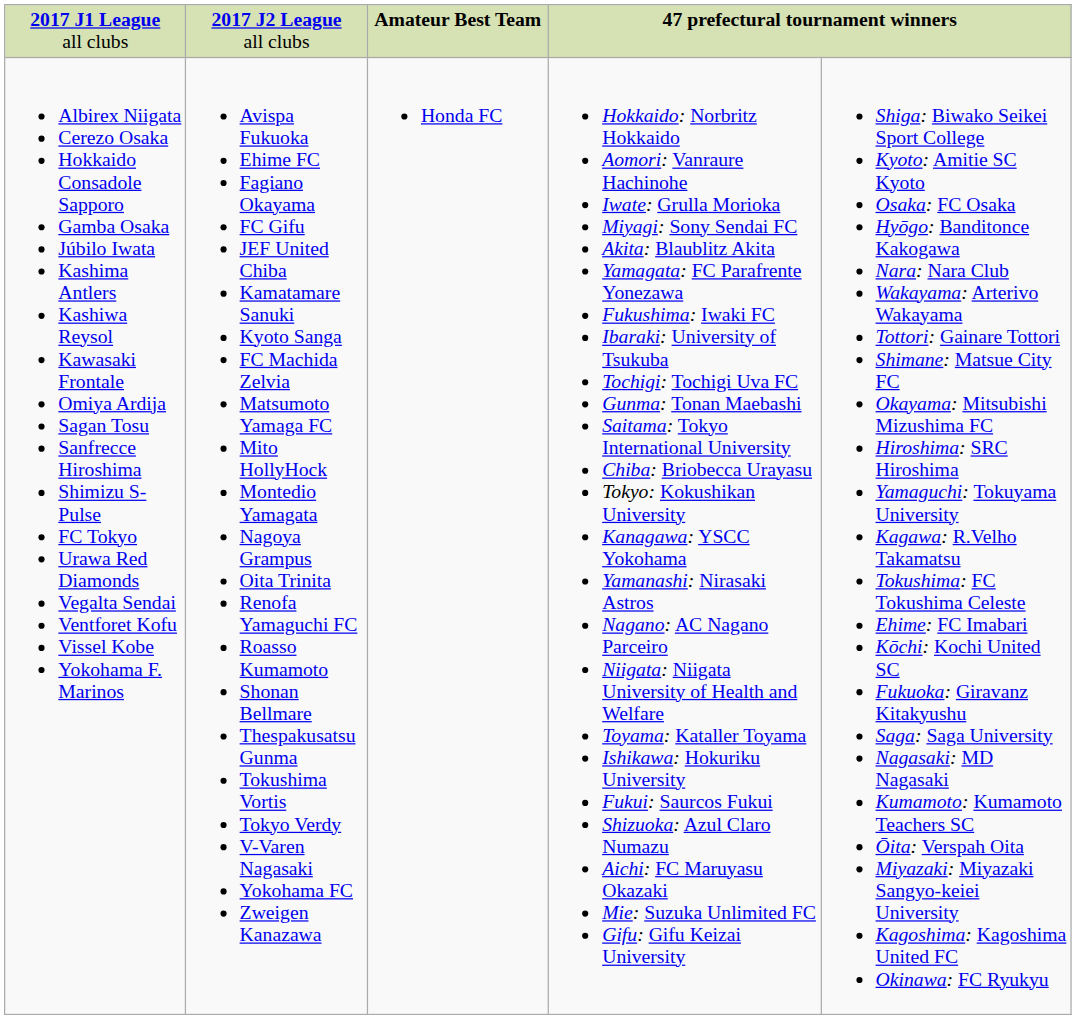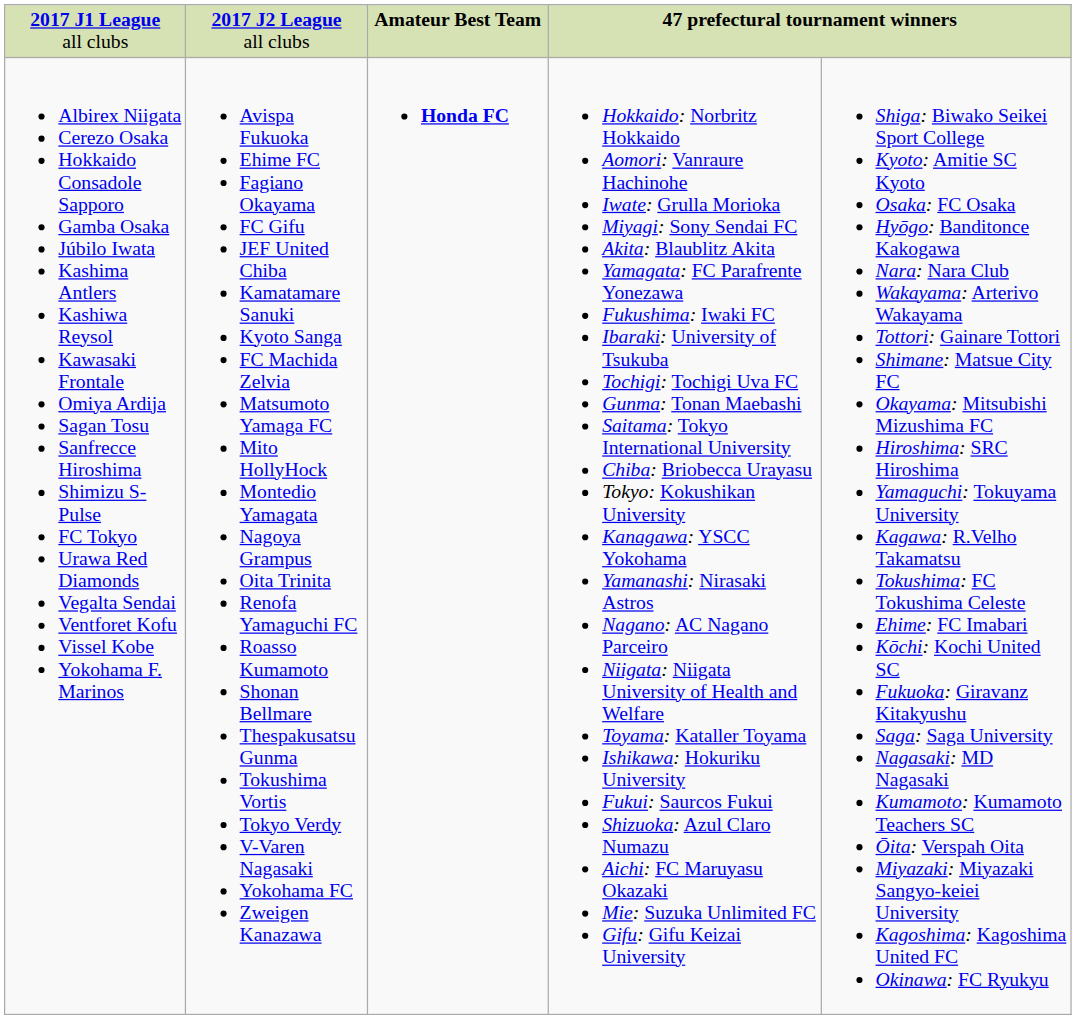 <table class="wikitable">
 <tr style="vertical-align:top; background:#d6e2b3; text-align:center;">
 <td style="width:17%;"><strong><a href='#'>2017 J1 League</a></strong><br>all clubs</td>
 <td style="width:17%;"><strong><a href='#'>2017 J2 League</a></strong><br>all clubs</td>
 <td style="width:17%;"><strong>Amateur Best Team</strong></td>
 <td colspan="2" style="width:49%;"><strong>47 prefectural tournament winners</strong><br></td>
 </tr>
 <tr valign="top">
 <td><br><ul><li><a href='#'>Albirex Niigata</a></li><li><a href='#'>Cerezo Osaka</a></li><li><a href='#'>Hokkaido Consadole Sapporo</a></li><li><a href='#'>Gamba Osaka</a></li><li><a href='#'>Júbilo Iwata</a></li><li><a href='#'>Kashima Antlers</a></li><li><a href='#'>Kashiwa Reysol</a></li><li><a href='#'>Kawasaki Frontale</a></li><li><a href='#'>Omiya Ardija</a></li><li><a href='#'>Sagan Tosu</a></li><li><a href='#'>Sanfrecce Hiroshima</a></li><li><a href='#'>Shimizu S-Pulse</a></li><li><a href='#'>FC Tokyo</a></li><li><a href='#'>Urawa Red Diamonds</a></li><li><a href='#'>Vegalta Sendai</a></li><li><a href='#'>Ventforet Kofu</a></li><li><a href='#'>Vissel Kobe</a></li><li><a href='#'>Yokohama F. Marinos</a></li></ul></td>
 <td><br><ul><li><a href='#'>Avispa Fukuoka</a></li><li><a href='#'>Ehime FC</a></li><li><a href='#'>Fagiano Okayama</a></li><li><a href='#'>FC Gifu</a></li><li><a href='#'>JEF United Chiba</a></li><li><a href='#'>Kamatamare Sanuki</a></li><li><a href='#'>Kyoto Sanga</a></li><li><a href='#'>FC Machida Zelvia</a></li><li><a href='#'>Matsumoto Yamaga FC</a></li><li><a href='#'>Mito HollyHock</a></li><li><a href='#'>Montedio Yamagata</a></li><li><a href='#'>Nagoya Grampus</a></li><li><a href='#'>Oita Trinita</a></li><li><a href='#'>Renofa Yamaguchi FC</a></li><li><a href='#'>Roasso Kumamoto</a></li><li><a href='#'>Shonan Bellmare</a></li><li><a href='#'>Thespakusatsu Gunma</a></li><li><a href='#'>Tokushima Vortis</a></li><li><a href='#'>Tokyo Verdy</a></li><li><a href='#'>V-Varen Nagasaki</a></li><li><a href='#'>Yokohama FC</a></li><li><a href='#'>Zweigen Kanazawa</a></li></ul></td>
-<td><br><ul><li><a href='#'>Honda FC</a></li></ul></td>
+<td><strong><br><ul><li><a href='#'>Honda FC</a></li></ul></strong></td>
 <td><br><ul><li><em><a href='#'>Hokkaido</a>:</em> <a href='#'>Norbritz Hokkaido</a></li><li><em><a href='#'>Aomori</a>:</em> <a href='#'>Vanraure Hachinohe</a></li><li><em><a href='#'>Iwate</a>:</em> <a href='#'>Grulla Morioka</a></li><li><em><a href='#'>Miyagi</a>:</em> <a href='#'>Sony Sendai FC</a></li><li><em><a href='#'>Akita</a>:</em> <a href='#'>Blaublitz Akita</a></li><li><em><a href='#'>Yamagata</a>:</em> <a href='#'>FC Parafrente Yonezawa</a></li><li><em><a href='#'>Fukushima</a>:</em> <a href='#'>Iwaki FC</a></li><li><em><a href='#'>Ibaraki</a>:</em> <a href='#'>University of Tsukuba</a></li><li><em><a href='#'>Tochigi</a>:</em> <a href='#'>Tochigi Uva FC</a></li><li><em><a href='#'>Gunma</a>:</em> <a href='#'>Tonan Maebashi</a></li><li><em><a href='#'>Saitama</a>:</em> <a href='#'>Tokyo International University</a></li><li><em><a href='#'>Chiba</a>:</em> <a href='#'>Briobecca Urayasu</a></li><li><em>Tokyo:</em> <a href='#'>Kokushikan University</a></li><li><em><a href='#'>Kanagawa</a>:</em> <a href='#'>YSCC Yokohama</a></li><li><em><a href='#'>Yamanashi</a>:</em> <a href='#'>Nirasaki Astros</a></li><li><em><a href='#'>Nagano</a>:</em> <a href='#'>AC Nagano Parceiro</a></li><li><em><a href='#'>Niigata</a>:</em> <a href='#'>Niigata University of Health and Welfare</a></li><li><em><a href='#'>Toyama</a>:</em> <a href='#'>Kataller Toyama</a></li><li><em><a href='#'>Ishikawa</a>:</em> <a href='#'>Hokuriku University</a></li><li><em><a href='#'>Fukui</a>:</em> <a href='#'>Saurcos Fukui</a></li><li><em><a href='#'>Shizuoka</a>:</em> <a href='#'>Azul Claro Numazu</a></li><li><em><a href='#'>Aichi</a>:</em> <a href='#'>FC Maruyasu Okazaki</a></li><li><em><a href='#'>Mie</a>:</em> <a href='#'>Suzuka Unlimited FC</a></li><li><em><a href='#'>Gifu</a>:</em> <a href='#'>Gifu Keizai University</a></li></ul></td>
 <td><br><ul><li><em><a href='#'>Shiga</a>:</em> <a href='#'>Biwako Seikei Sport College</a></li><li><em><a href='#'>Kyoto</a>:</em> <a href='#'>Amitie SC Kyoto</a></li><li><em><a href='#'>Osaka</a>:</em> <a href='#'>FC Osaka</a></li><li><em><a href='#'>Hyōgo</a>:</em> <a href='#'>Banditonce Kakogawa</a></li><li><em><a href='#'>Nara</a>:</em> <a href='#'>Nara Club</a></li><li><em><a href='#'>Wakayama</a>:</em> <a href='#'>Arterivo Wakayama</a></li><li><em><a href='#'>Tottori</a>:</em> <a href='#'>Gainare Tottori</a></li><li><em><a href='#'>Shimane</a>:</em> <a href='#'>Matsue City FC</a></li><li><em><a href='#'>Okayama</a>:</em> <a href='#'>Mitsubishi Mizushima FC</a></li><li><em><a href='#'>Hiroshima</a>:</em> <a href='#'>SRC Hiroshima</a></li><li><em><a href='#'>Yamaguchi</a>:</em> <a href='#'>Tokuyama University</a></li><li><em><a href='#'>Kagawa</a>:</em> <a href='#'>R.Velho Takamatsu</a></li><li><em><a href='#'>Tokushima</a>:</em> <a href='#'>FC Tokushima Celeste</a></li><li><em><a href='#'>Ehime</a>:</em> <a href='#'>FC Imabari</a></li><li><em><a href='#'>Kōchi</a>:</em> <a href='#'>Kochi United SC</a></li><li><em><a href='#'>Fukuoka</a>:</em> <a href='#'>Giravanz Kitakyushu</a></li><li><em><a href='#'>Saga</a>:</em> <a href='#'>Saga University</a></li><li><em><a href='#'>Nagasaki</a>:</em> <a href='#'>MD Nagasaki</a></li><li><em><a href='#'>Kumamoto</a>:</em> <a href='#'>Kumamoto Teachers SC</a></li><li><em><a href='#'>Ōita</a>:</em> <a href='#'>Verspah Oita</a></li><li><em><a href='#'>Miyazaki</a>:</em> <a href='#'>Miyazaki Sangyo-keiei University</a></li><li><em><a href='#'>Kagoshima</a>:</em> <a href='#'>Kagoshima United FC</a></li><li><em><a href='#'>Okinawa</a>:</em> <a href='#'>FC Ryukyu</a></li></ul></td>
 </tr>
 </table>
